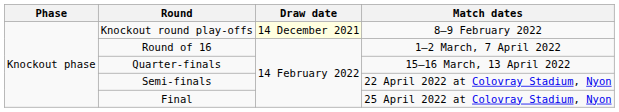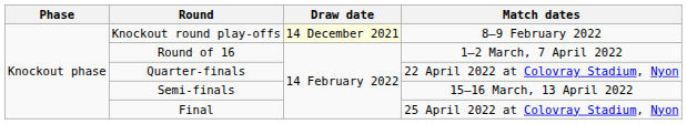 <table class="wikitable" style="text-align:center">
 <tr>
 <th>Phase</th>
 <th>Round</th>
 <th>Draw date</th>
 <th>Match dates</th>
 </tr>
 <tr>
 <td rowspan=5>Knockout phase</td>
 <td>Knockout round play-offs</td>
 <td style="background: lightyellow;">14 December 2021</td>
 <td>8–9 February 2022</td>
 </tr>
 <tr>
 <td>Round of 16</td>
 <td rowspan=4>14 February 2022</td>
 <td>1–2 March, 7 April 2022</td>
 </tr>
 <tr>
 <td>Quarter-finals</td>
-<td>15–16 March, 13 April 2022</td>
+<td>22 April 2022 at <a href='#'>Colovray Stadium</a>, <a href='#'>Nyon</a></td>
 </tr>
 <tr>
 <td>Semi-finals</td>
-<td>22 April 2022 at <a href='#'>Colovray Stadium</a>, <a href='#'>Nyon</a></td>
+<td>15–16 March, 13 April 2022</td>
 </tr>
 <tr>
 <td>Final</td>
 <td>25 April 2022 at <a href='#'>Colovray Stadium</a>, <a href='#'>Nyon</a></td>
 </tr>
 </table>
